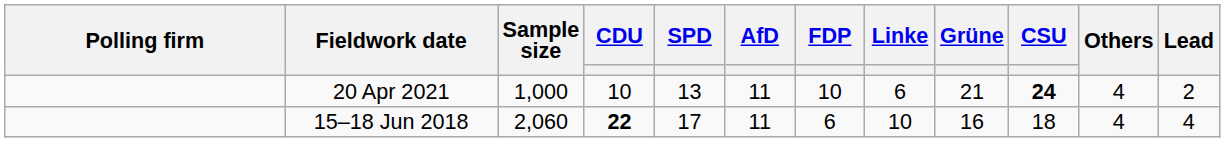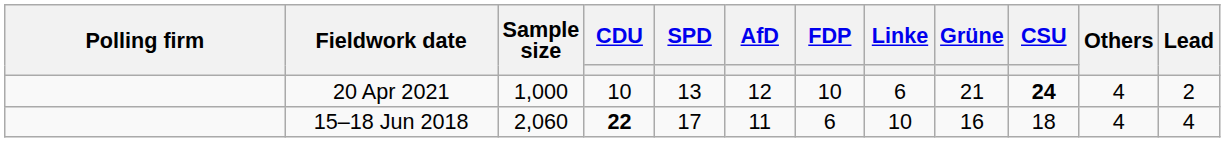 <table class="wikitable sortable mw-datatable mw-collapsible mw-datatable" style="text-align:center;font-size:90%;line-height:14px;">
 <tr style="height:40px;">
 <th style="width:180px;" rowspan="2">Polling firm</th>
 <th style="width:135px;" rowspan="2">Fieldwork date</th>
 <th style="width:35px;" rowspan="2">Sample<br>size</th>
 <th class="unsortable" style="width:40px;"><a href='#'>CDU</a></th>
 <th class="unsortable" style="width:40px;"><a href='#'>SPD</a></th>
 <th class="unsortable" style="width:40px;"><a href='#'>AfD</a></th>
 <th class="unsortable" style="width:40px;"><a href='#'>FDP</a></th>
 <th class="unsortable" style="width:40px;"><a href='#'>Linke</a></th>
 <th class="unsortable" style="width:40px;"><a href='#'>Grüne</a></th>
 <th class="unsortable" style="width:40px;"><a href='#'>CSU</a></th>
 <th class="unsortable" style="width:30px;" rowspan="2">Others</th>
 <th style="width:30px;" rowspan="2">Lead</th>
 </tr>
 <tr>
 <th style="background:"></th>
 <th style="background:"></th>
 <th style="background:"></th>
 <th style="background:"></th>
 <th style="background:"></th>
 <th style="background:"></th>
 <th style="background:"></th>
 </tr>
 <tr>
 <td></td>
 <td data-sort-value="2021-04-20">20 Apr 2021</td>
 <td>1,000</td>
 <td>10</td>
 <td>13</td>
-<td>11</td>
+<td>12</td>
 <td>10</td>
 <td>6</td>
 <td>21</td>
 <td><strong>24</strong></td>
 <td>4</td>
 <td style="background:">2</td>
 </tr>
 <tr>
 <td></td>
 <td data-sort-value="2018-06-18">15–18 Jun 2018</td>
 <td>2,060</td>
 <td><strong>22</strong></td>
 <td>17</td>
 <td>11</td>
 <td>6</td>
 <td>10</td>
 <td>16</td>
 <td>18</td>
 <td>4</td>
 <td style="background:">4</td>
 </tr>
 </table>
